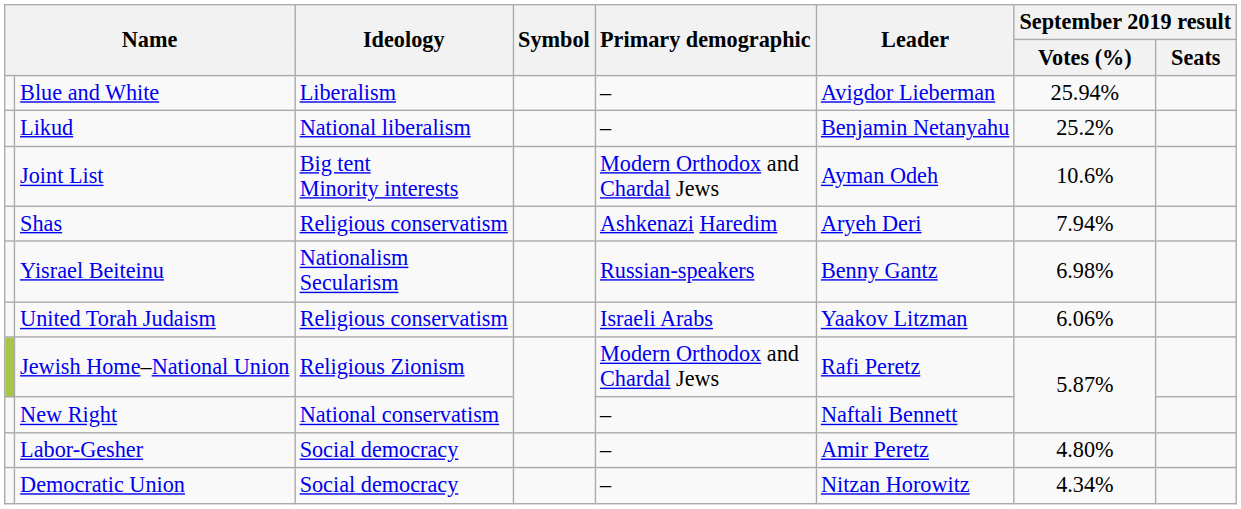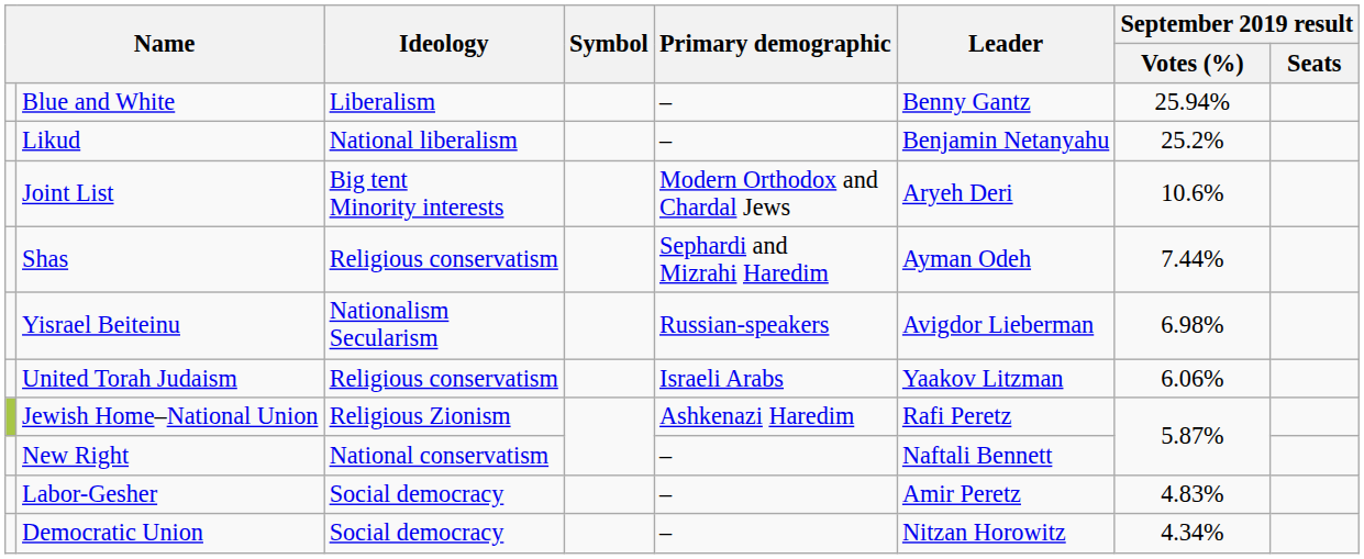 <table class="wikitable">
 <tr>
 <th rowspan="2" colspan=2>Name</th>
 <th rowspan="2">Ideology</th>
 <th rowspan="2">Symbol</th>
 <th rowspan="2">Primary demographic</th>
 <th rowspan="2">Leader</th>
 <th colspan="2">September 2019 result</th>
 </tr>
 <tr>
 <th>Votes (%)</th>
 <th>Seats</th>
 </tr>
 <tr>
 <td style="background:"></td>
 <td><a href='#'>Blue and White</a></td>
 <td><a href='#'>Liberalism</a></td>
 <td></td>
 <td>–</td>
-<td><a href='#'>Avigdor Lieberman</a></td>
+<td><a href='#'>Benny Gantz</a></td>
 <td style="text-align:center;">25.94%</td>
 <td></td>
 </tr>
 <tr>
 <td style="background:"></td>
 <td><a href='#'>Likud</a></td>
 <td><a href='#'>National liberalism</a></td>
 <td></td>
 <td>–</td>
 <td><a href='#'>Benjamin Netanyahu</a></td>
 <td style="text-align:center;">25.2%</td>
 <td></td>
 </tr>
 <tr>
 <td style="background:"></td>
 <td><a href='#'>Joint List</a></td>
 <td><a href='#'>Big tent</a><br><a href='#'>Minority interests</a></td>
 <td></td>
 <td><a href='#'>Modern Orthodox</a> and<br><a href='#'>Chardal</a> Jews</td>
-<td><a href='#'>Ayman Odeh</a></td>
+<td><a href='#'>Aryeh Deri</a></td>
 <td style="text-align:center;">10.6%</td>
 <td></td>
 </tr>
 <tr>
 <td style="background:"></td>
 <td><a href='#'>Shas</a></td>
 <td><a href='#'>Religious conservatism</a></td>
 <td></td>
-<td><a href='#'>Ashkenazi</a> <a href='#'>Haredim</a></td>
-<td><a href='#'>Aryeh Deri</a></td>
-<td style="text-align:center;">7.94%</td>
+<td><a href='#'>Sephardi</a> and<br><a href='#'>Mizrahi</a> <a href='#'>Haredim</a></td>
+<td><a href='#'>Ayman Odeh</a></td>
+<td style="text-align:center;">7.44%</td>
 <td></td>
 </tr>
 <tr>
 <td style="background:"></td>
 <td><a href='#'>Yisrael Beiteinu</a></td>
 <td><a href='#'>Nationalism</a><br><a href='#'>Secularism</a></td>
 <td></td>
 <td><a href='#'>Russian-speakers</a></td>
-<td><a href='#'>Benny Gantz</a></td>
+<td><a href='#'>Avigdor Lieberman</a></td>
 <td style="text-align:center;">6.98%</td>
 <td></td>
 </tr>
 <tr>
 <td style="background:"></td>
 <td><a href='#'>United Torah Judaism</a></td>
 <td><a href='#'>Religious conservatism</a></td>
 <td></td>
 <td><a href='#'>Israeli Arabs</a></td>
 <td><a href='#'>Yaakov Litzman</a></td>
 <td style="text-align:center;">6.06%</td>
 <td></td>
 </tr>
 <tr>
 <td style="background:#A7C645;"></td>
 <td><a href='#'>Jewish Home</a>–<a href='#'>National Union</a></td>
 <td><a href='#'>Religious Zionism</a></td>
 <td style="text-align:left;" rowspan=2></td>
-<td><a href='#'>Modern Orthodox</a> and<br><a href='#'>Chardal</a> Jews</td>
+<td><a href='#'>Ashkenazi</a> <a href='#'>Haredim</a></td>
 <td><a href='#'>Rafi Peretz</a></td>
 <td style="text-align:center;" rowspan=2>5.87%</td>
 <td></td>
 </tr>
 <tr>
 <td style="background:"></td>
 <td><a href='#'>New Right</a></td>
 <td><a href='#'>National conservatism</a></td>
 <td>–</td>
 <td><a href='#'>Naftali Bennett</a></td>
 <td></td>
 </tr>
 <tr>
 <td style="background:"></td>
 <td><a href='#'>Labor-Gesher</a></td>
 <td><a href='#'>Social democracy</a></td>
 <td></td>
 <td>–</td>
 <td><a href='#'>Amir Peretz</a></td>
-<td style="text-align:center;">4.80%</td>
+<td style="text-align:center;">4.83%</td>
 <td></td>
 </tr>
 <tr>
 <td style="background:"></td>
 <td><a href='#'>Democratic Union</a></td>
 <td><a href='#'>Social democracy</a></td>
 <td style="text-align:left;"></td>
 <td>–</td>
 <td><a href='#'>Nitzan Horowitz</a></td>
 <td style="text-align:center;">4.34%</td>
 <td></td>
 </tr>
 </table>
